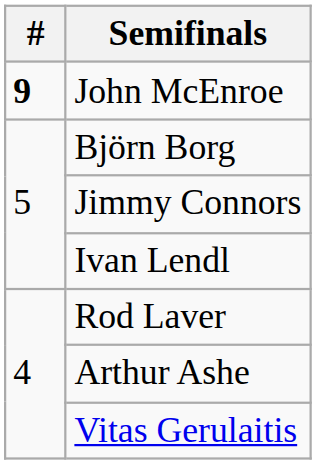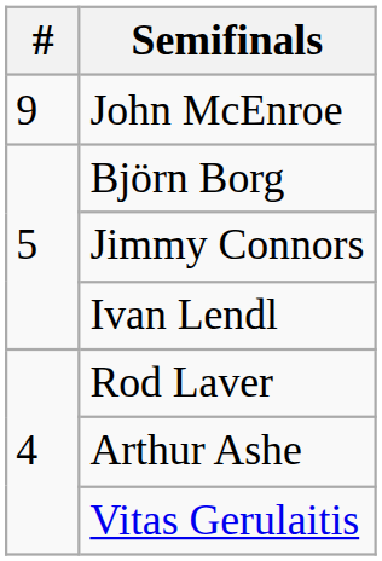 <table class="wikitable" style="display:inline-table;">
 <tr>
 <th width=20>#</th>
 <th>Semifinals</th>
 </tr>
 <tr>
-<td><strong>9</strong></td>
+<td>9</td>
 <td> John McEnroe</td>
 </tr>
 <tr>
 <td rowspan="3">5</td>
 <td> Björn Borg</td>
 </tr>
 <tr>
 <td> Jimmy Connors</td>
 </tr>
 <tr>
 <td> Ivan Lendl</td>
 </tr>
 <tr>
 <td rowspan="3">4</td>
 <td> Rod Laver</td>
 </tr>
 <tr>
 <td> Arthur Ashe</td>
 </tr>
 <tr>
 <td> <a href='#'>Vitas Gerulaitis</a></td>
 </tr>
 </table>
